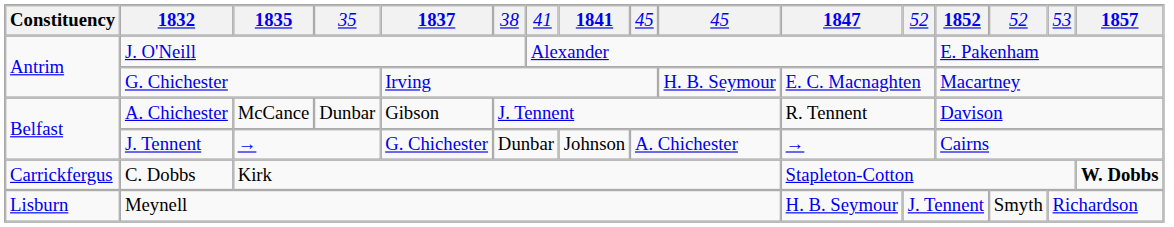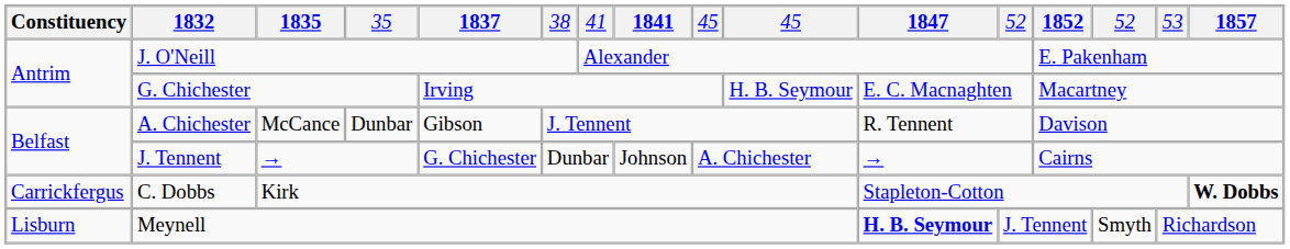 <table class="wikitable" style="border-collapse: separate; border-spacing: 0;">
 <tr>
 <th>Constituency</th>
 <th><a href='#'>1832</a></th>
 <th><a href='#'>1835</a></th>
 <th style="font-weight: normal;"><em><a href='#'>35</a></em></th>
 <th><a href='#'>1837</a></th>
 <th style="font-weight: normal;"><em><a href='#'>38</a></em></th>
 <th style="font-weight: normal;"><em><a href='#'>41</a></em></th>
 <th><a href='#'>1841</a></th>
 <th style="font-weight: normal;"><em><a href='#'>45</a></em></th>
 <th style="font-weight: normal;"><em><a href='#'>45</a></em></th>
 <th><a href='#'>1847</a></th>
 <th style="font-weight: normal;"><em><a href='#'>52</a></em></th>
 <th><a href='#'>1852</a></th>
 <th style="font-weight: normal;"><em><a href='#'>52</a></em></th>
 <th style="font-weight: normal;"><em><a href='#'>53</a></em></th>
 <th><a href='#'>1857</a></th>
 </tr>
 <tr>
 <td rowspan="2"><a href='#'>Antrim</a></td>
 <td colspan="5"><a href='#'>J. O'Neill</a></td>
 <td colspan="6"><a href='#'>Alexander</a></td>
 <td colspan="4"><a href='#'>E. Pakenham</a></td>
 </tr>
 <tr>
 <td colspan="3"><a href='#'>G. Chichester</a></td>
 <td colspan="5"><a href='#'>Irving</a></td>
 <td><a href='#'>H. B. Seymour</a></td>
 <td colspan="2"><a href='#'>E. C. Macnaghten</a></td>
 <td colspan="4"><a href='#'>Macartney</a></td>
 </tr>
 <tr>
 <td rowspan="2"><a href='#'>Belfast</a></td>
 <td><a href='#'>A. Chichester</a></td>
 <td>McCance</td>
 <td>Dunbar</td>
 <td>Gibson</td>
 <td colspan="5"><a href='#'>J. Tennent</a></td>
 <td colspan="2">R. Tennent</td>
 <td colspan="4"><a href='#'>Davison</a></td>
 </tr>
 <tr>
 <td><a href='#'>J. Tennent</a></td>
 <td colspan="2"><a href='#'>→</a></td>
 <td><a href='#'>G. Chichester</a></td>
 <td colspan="2">Dunbar</td>
 <td>Johnson</td>
 <td colspan="2"><a href='#'>A. Chichester</a></td>
 <td colspan="2"><a href='#'>→</a></td>
 <td colspan="4"><a href='#'>Cairns</a></td>
 </tr>
 <tr>
 <td><a href='#'>Carrickfergus</a></td>
 <td>C. Dobbs</td>
 <td colspan="8">Kirk</td>
 <td colspan="5"><a href='#'>Stapleton-Cotton</a></td>
 <td><strong>W. Dobbs</strong></td>
 </tr>
 <tr>
 <td><a href='#'>Lisburn</a></td>
 <td colspan="9">Meynell</td>
-<td><a href='#'>H. B. Seymour</a></td>
+<td><strong><a href='#'>H. B. Seymour</a></strong></td>
 <td colspan="2"><a href='#'>J. Tennent</a></td>
 <td>Smyth</td>
 <td colspan="2"><a href='#'>Richardson</a></td>
 </tr>
 </table>
